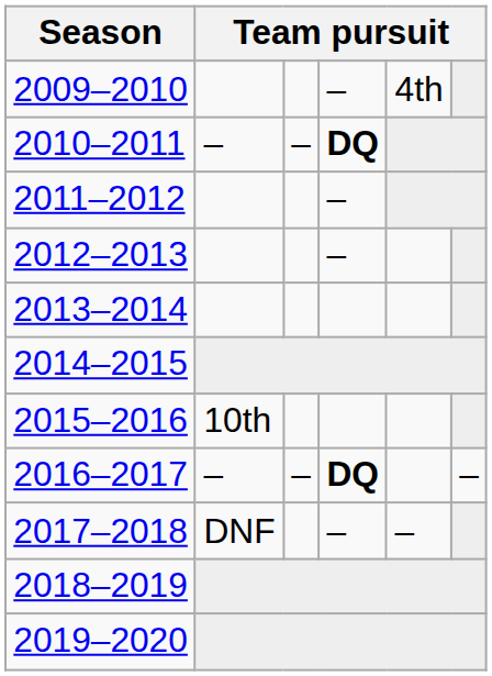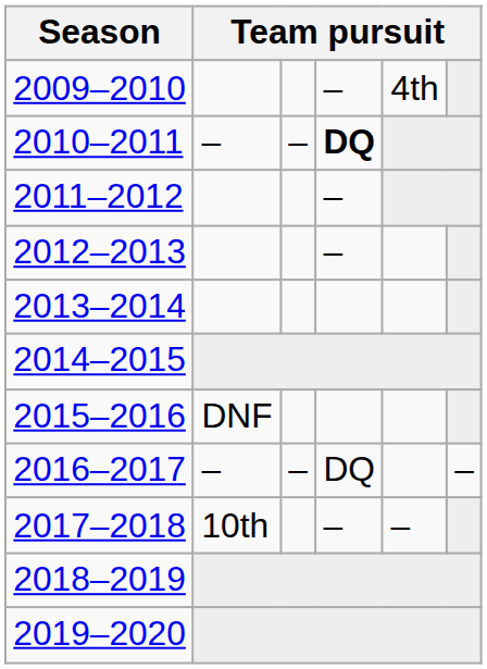 <table class="wikitable" style="display: inline-table;">
 <tr>
 <th>Season</th>
 <th colspan="5">Team pursuit</th>
 </tr>
 <tr>
 <td><a href='#'>2009–2010</a></td>
 <td></td>
 <td></td>
 <td>–</td>
 <td>4th</td>
 <td colspan="1" bgcolor=#EEEEEE></td>
 </tr>
 <tr>
 <td><a href='#'>2010–2011</a></td>
 <td>–</td>
 <td>–</td>
 <td><strong>DQ</strong></td>
 <td colspan="2" bgcolor=#EEEEEE></td>
 </tr>
 <tr>
 <td><a href='#'>2011–2012</a></td>
 <td></td>
 <td></td>
 <td>–</td>
 <td colspan="2" bgcolor=#EEEEEE></td>
 </tr>
 <tr>
 <td><a href='#'>2012–2013</a></td>
 <td></td>
 <td></td>
 <td>–</td>
 <td></td>
 <td colspan="1" bgcolor=#EEEEEE></td>
 </tr>
 <tr>
 <td><a href='#'>2013–2014</a></td>
 <td></td>
 <td></td>
 <td></td>
 <td></td>
 <td colspan="1" bgcolor=#EEEEEE></td>
 </tr>
 <tr>
 <td><a href='#'>2014–2015</a></td>
 <td colspan="5" bgcolor=#EEEEEE></td>
 </tr>
 <tr>
 <td><a href='#'>2015–2016</a></td>
-<td>10th</td>
+<td>DNF</td>
 <td></td>
 <td></td>
 <td></td>
 <td colspan="1" bgcolor=#EEEEEE></td>
 </tr>
 <tr>
 <td><a href='#'>2016–2017</a></td>
 <td>–</td>
 <td>–</td>
-<td><strong>DQ</strong></td>
+<td>DQ</td>
 <td></td>
 <td>–</td>
 </tr>
 <tr>
 <td><a href='#'>2017–2018</a></td>
-<td>DNF</td>
+<td>10th</td>
 <td></td>
 <td>–</td>
 <td>–</td>
 <td colspan="1" bgcolor=#EEEEEE></td>
 </tr>
 <tr>
 <td><a href='#'> 2018–2019</a></td>
 <td colspan="5" bgcolor=#EEEEEE></td>
 </tr>
 <tr>
 <td><a href='#'> 2019–2020</a></td>
 <td colspan="5" bgcolor=#EEEEEE></td>
 </tr>
 </table>
